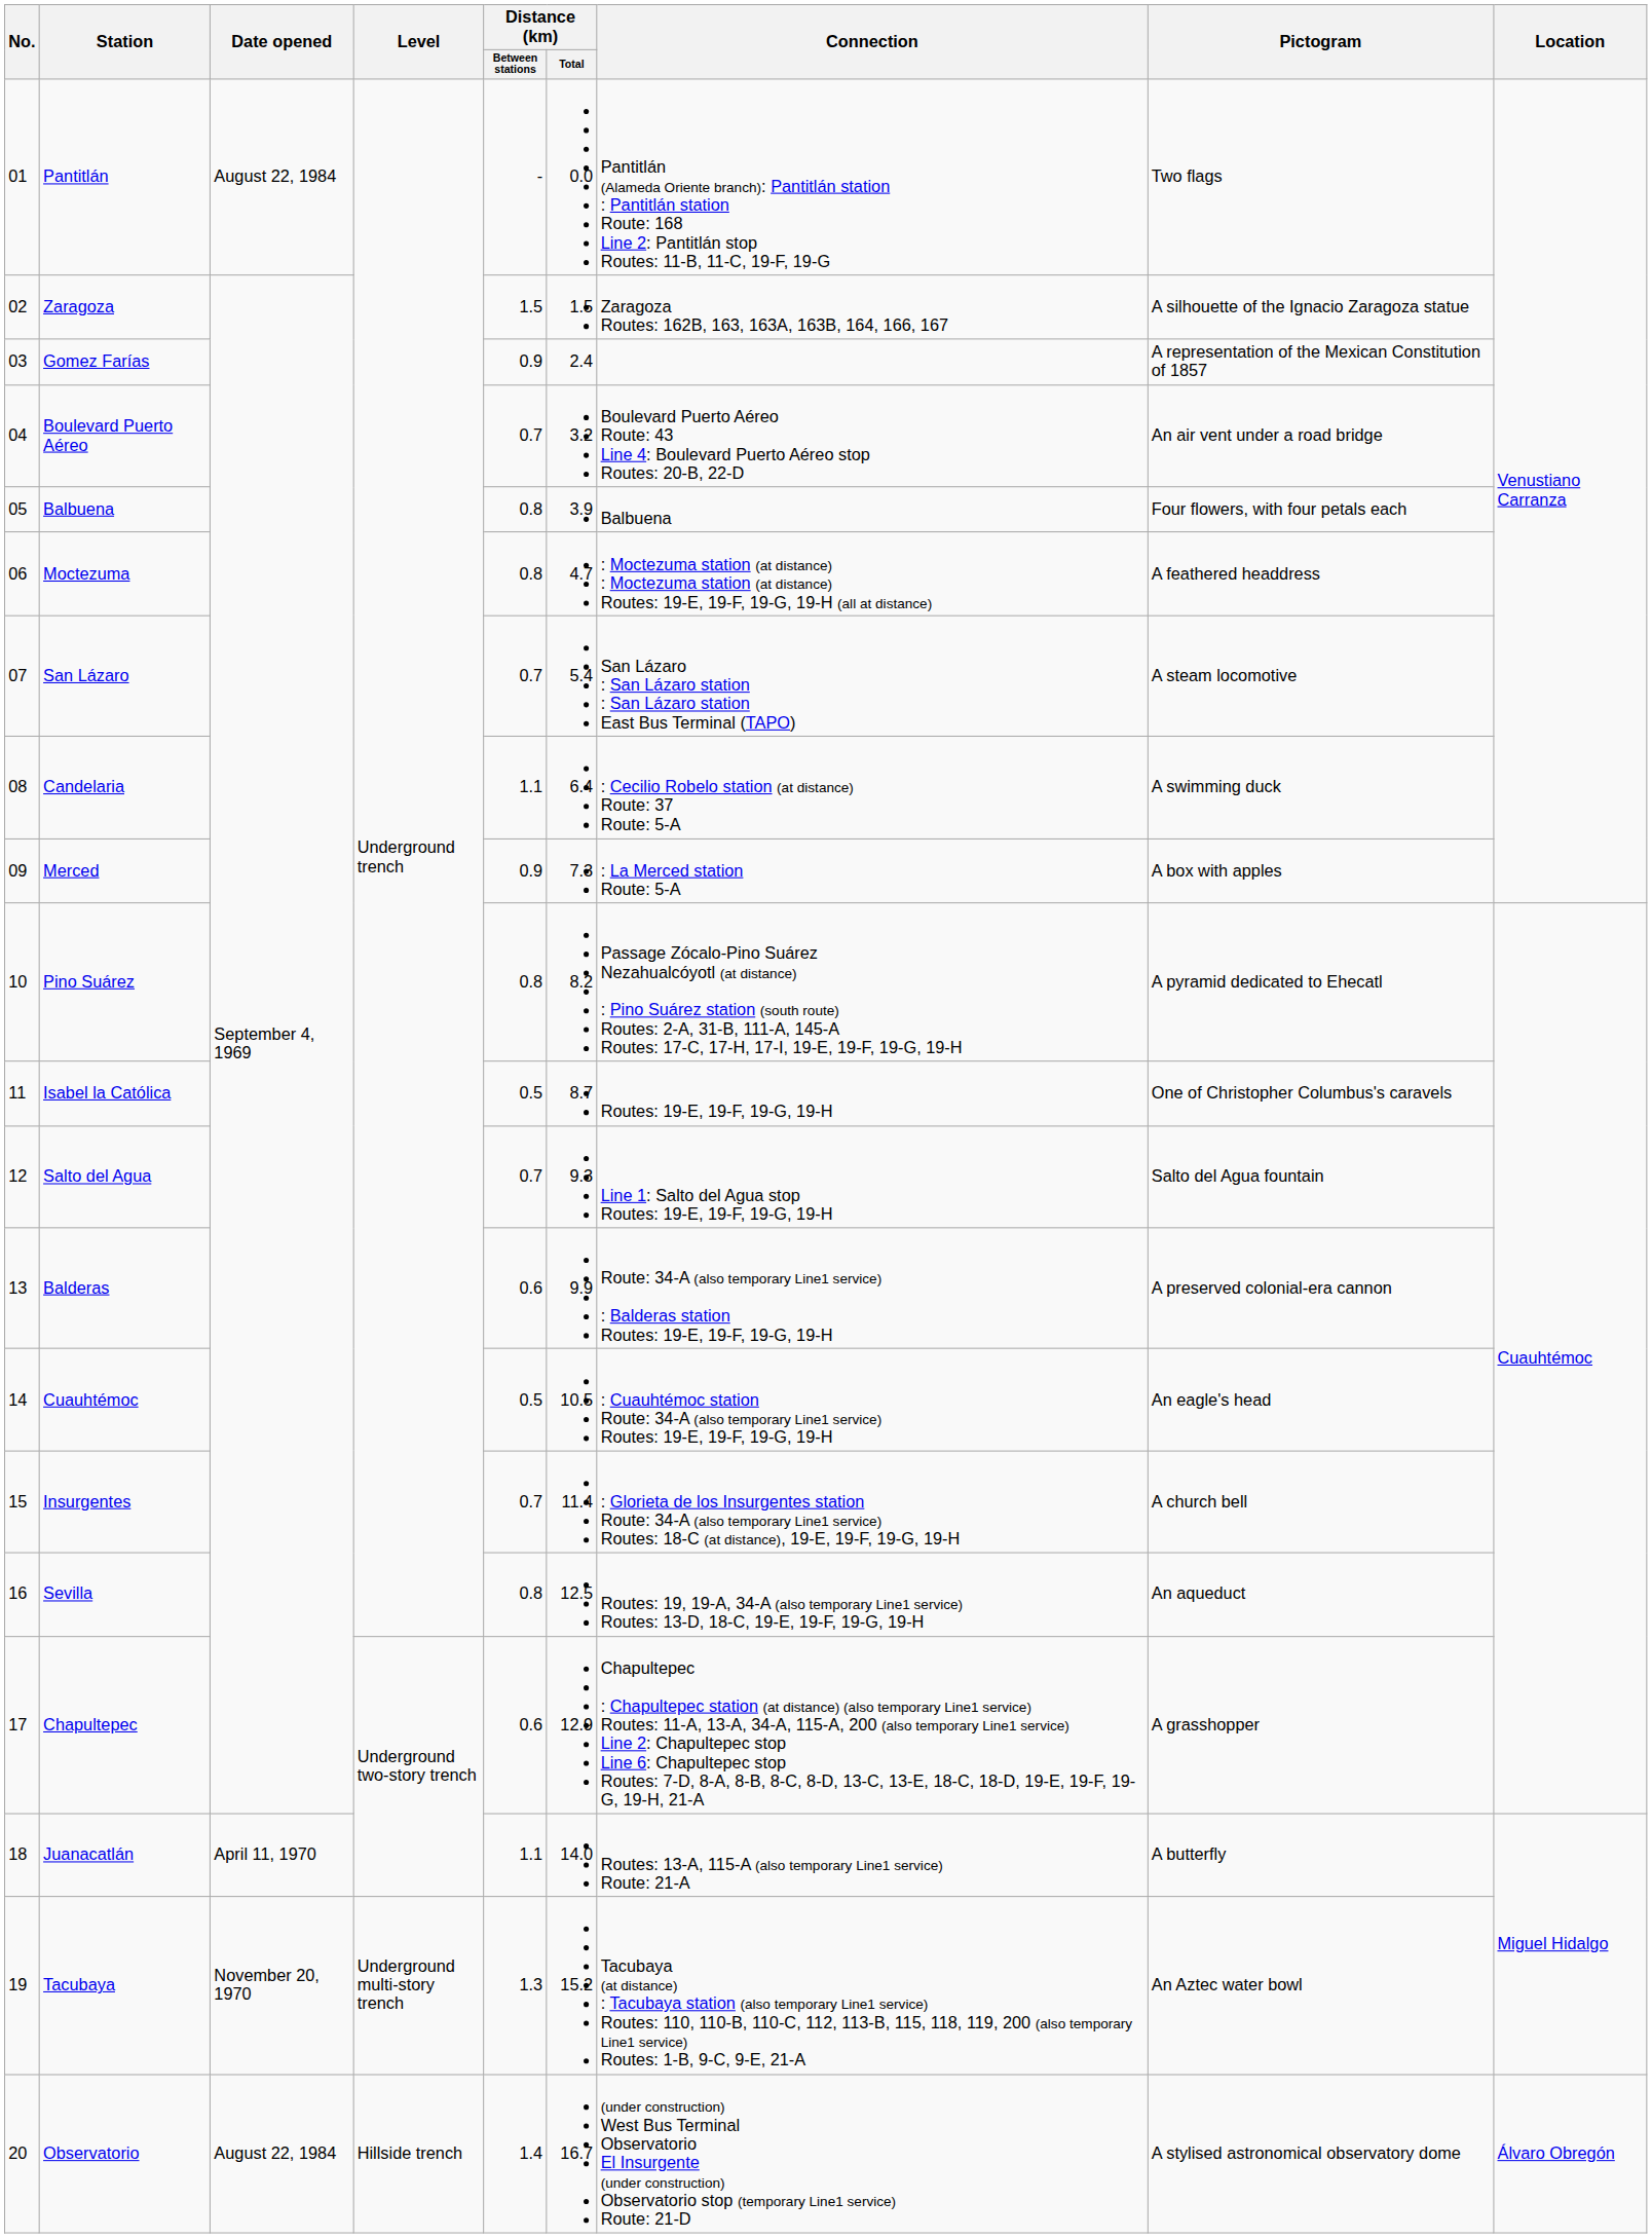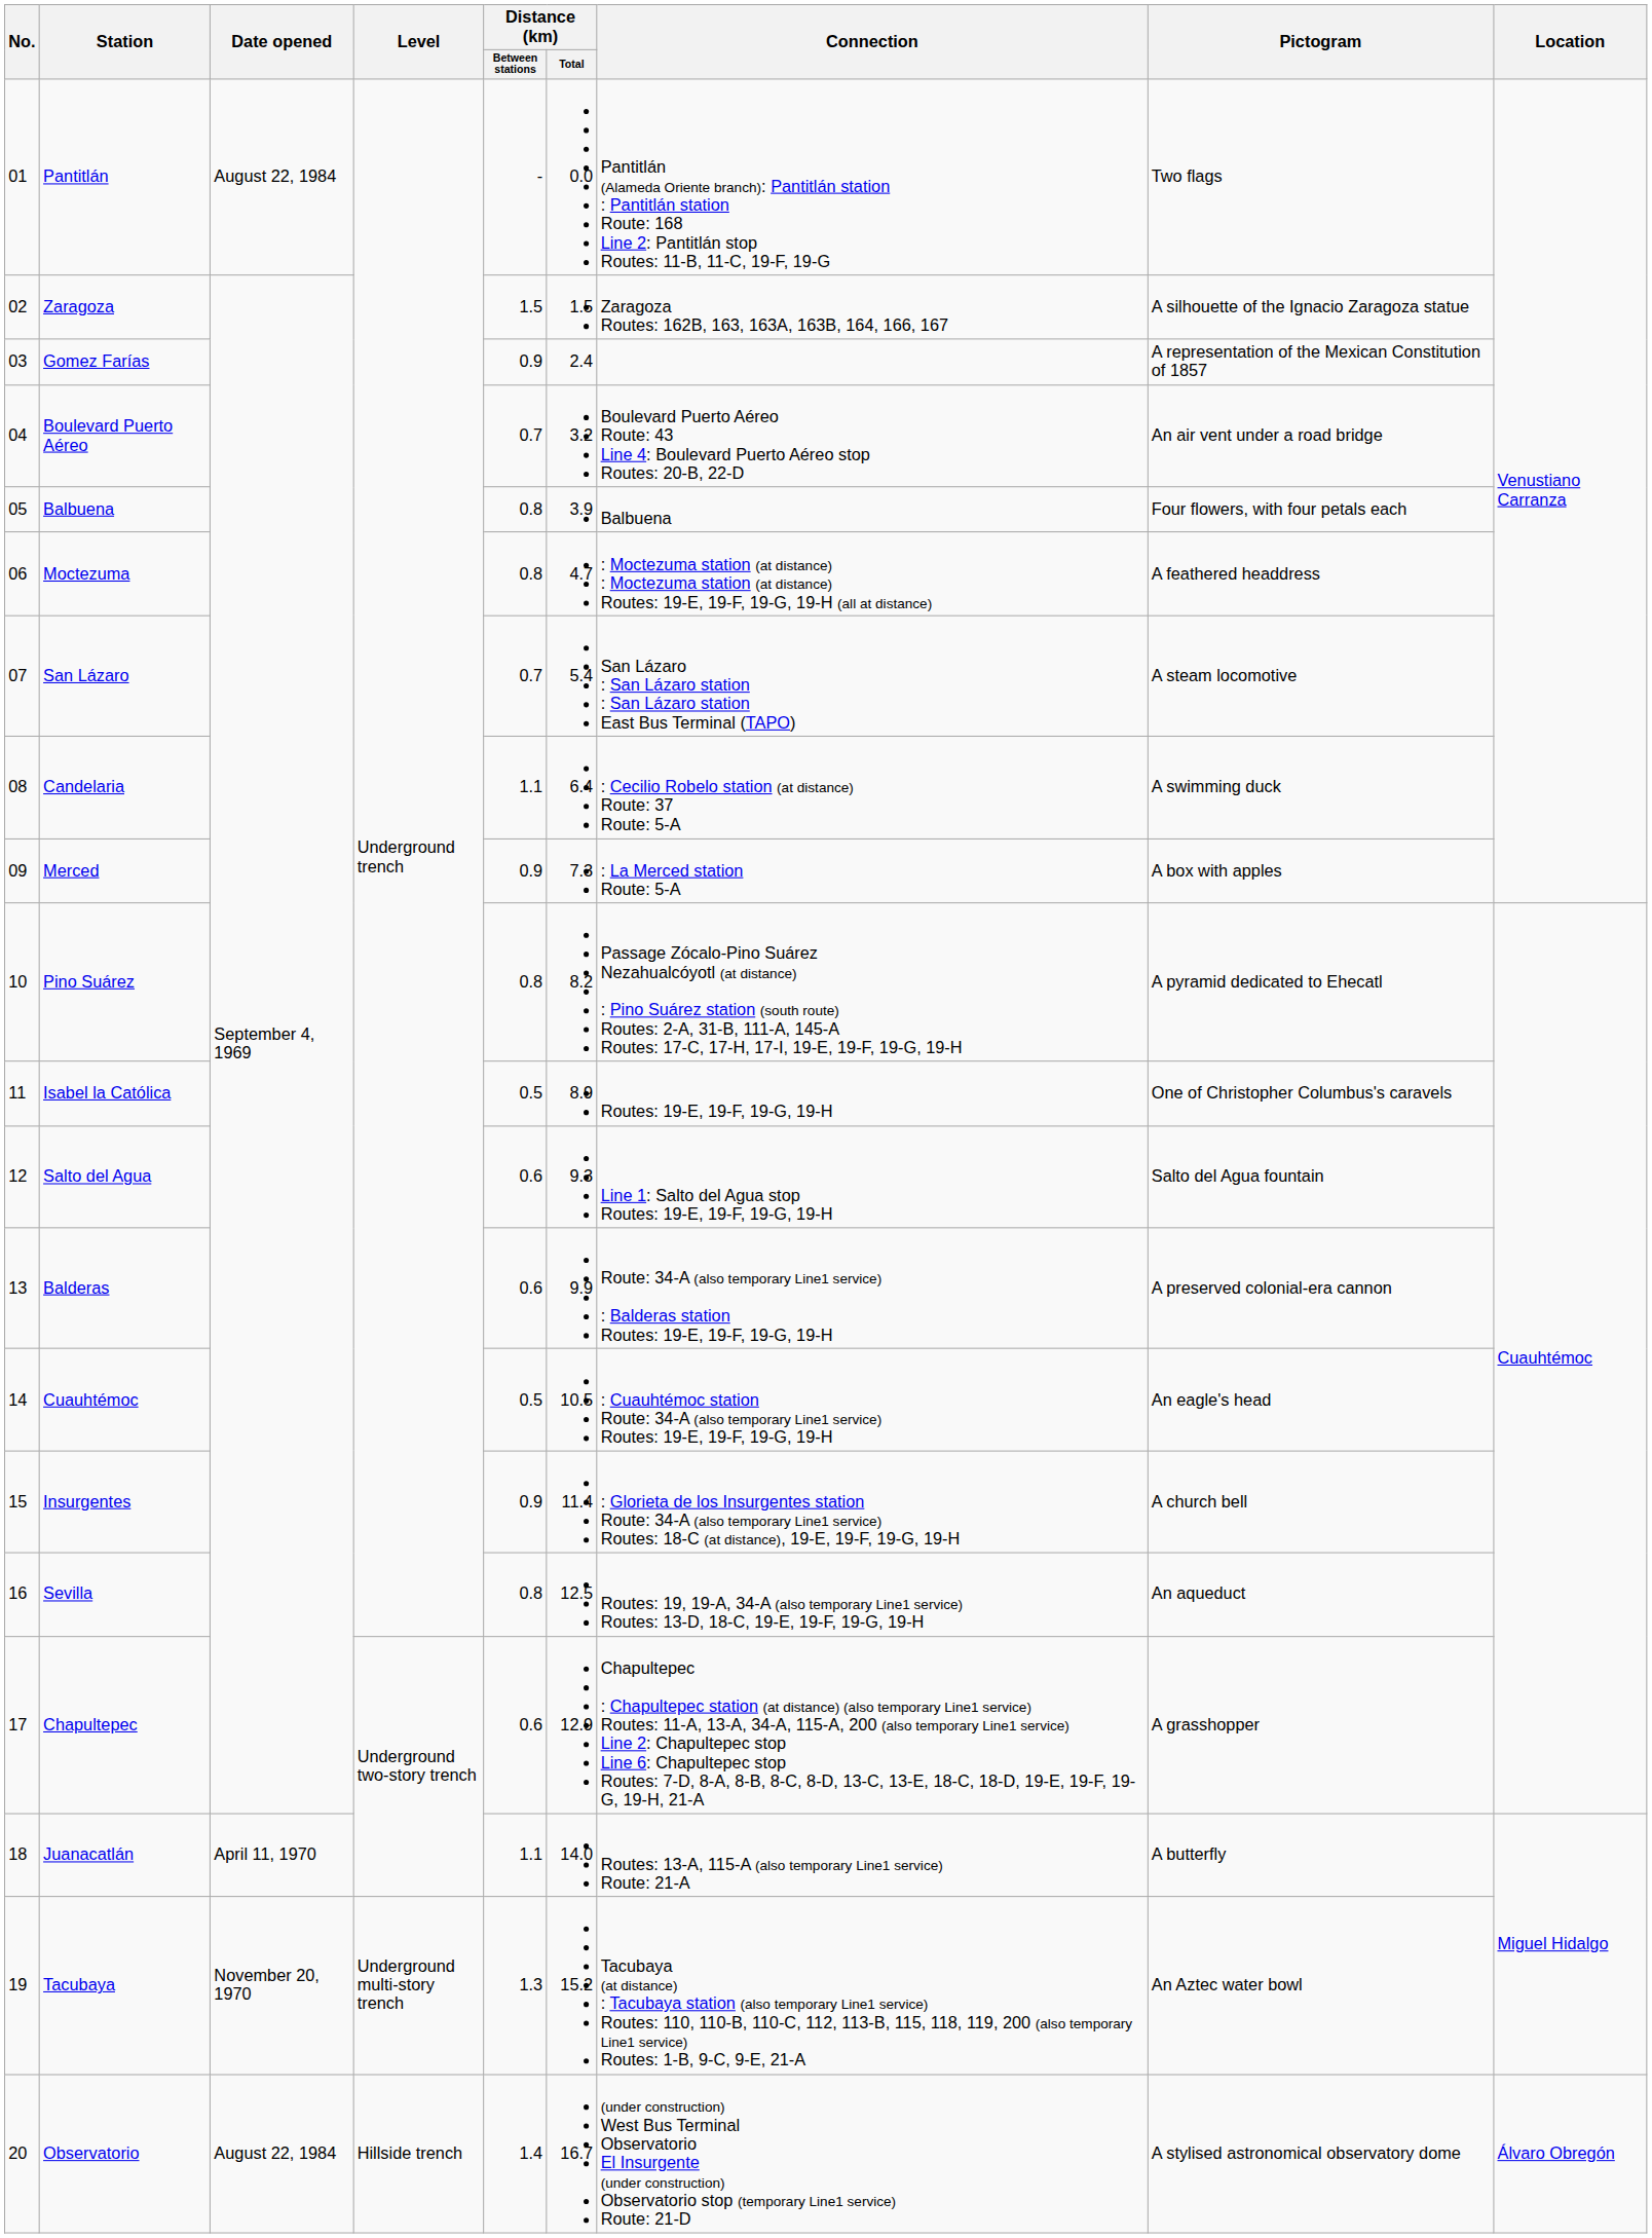 <table class="wikitable" rules="all">
 <tr>
 <th rowspan="2">No.</th>
 <th rowspan="2">Station</th>
 <th rowspan="2">Date opened</th>
 <th rowspan="2">Level</th>
 <th colspan="2">Distance (km)</th>
 <th rowspan="2">Connection</th>
 <th rowspan="2">Pictogram</th>
 <th rowspan="2">Location</th>
 </tr>
 <tr>
 <th style="font-size: 65%;">Between<br>stations</th>
 <th style="font-size: 65%;">Total</th>
 </tr>
 <tr>
 <td style="background: #">01</td>
 <td><a href='#'>Pantitlán</a> </td>
 <td>August 22, 1984</td>
 <td rowspan="16">Underground<br>trench</td>
 <td style="text-align:right;">-</td>
 <td style="text-align:right;">0.0</td>
 <td><br><li> </li> <li> </li> <li> </li> <li> Pantitlán</li> <li>  <small>(Alameda Oriente branch)</small>: <a href='#'>Pantitlán station</a></li> <li> : <a href='#'>Pantitlán station</a> </li> <li> Route: 168</li> <li>  <a href='#'>Line 2</a>: Pantitlán stop</li> <li> Routes: 11-B, 11-C, 19-F, 19-G</td>
 <td>Two flags</td>
 <td rowspan="9"><a href='#'>Venustiano Carranza</a></td>
 </tr>
 <tr>
 <td style="background: #">02</td>
 <td><a href='#'>Zaragoza</a> </td>
 <td rowspan="16">September 4, 1969</td>
 <td style="text-align:right;">1.5</td>
 <td style="text-align:right;">1.5</td>
 <td><br><li> Zaragoza</li> <li> Routes: 162B, 163, 163A, 163B, 164, 166, 167</td>
 <td>A silhouette of the Ignacio Zaragoza statue</td>
 </tr>
 <tr>
 <td style="background: #">03</td>
 <td><a href='#'>Gomez Farías</a> </td>
 <td style="text-align:right;">0.9</td>
 <td style="text-align:right;">2.4</td>
 <td></td>
 <td>A representation of the Mexican Constitution of 1857</td>
 </tr>
 <tr>
 <td style="background: #">04</td>
 <td><a href='#'>Boulevard Puerto Aéreo</a> </td>
 <td style="text-align:right;">0.7</td>
 <td style="text-align:right;">3.2</td>
 <td><br><li> Boulevard Puerto Aéreo</li> <li> Route: 43</li> <li>  <a href='#'>Line 4</a>: Boulevard Puerto Aéreo stop</li> <li> Routes: 20-B, 22-D</td>
 <td>An air vent under a road bridge</td>
 </tr>
 <tr>
 <td style="background: #">05</td>
 <td><a href='#'>Balbuena</a> </td>
 <td style="text-align:right;">0.8</td>
 <td style="text-align:right;">3.9</td>
 <td><br><li> Balbuena</li></td>
 <td>Four flowers, with four petals each</td>
 </tr>
 <tr>
 <td style="background: #">06</td>
 <td><a href='#'>Moctezuma</a> </td>
 <td style="text-align:right;">0.8</td>
 <td style="text-align:right;">4.7</td>
 <td><br><li> : <a href='#'>Moctezuma station</a> <small>(at distance)</small></li> <li> : <a href='#'>Moctezuma station</a> <small>(at distance)</small></li> <li> Routes: 19-E, 19-F, 19-G, 19-H <small>(all at distance)</small></td>
 <td>A feathered headdress</td>
 </tr>
 <tr>
 <td style="background: #">07</td>
 <td><a href='#'>San Lázaro</a> </td>
 <td style="text-align:right;">0.7</td>
 <td style="text-align:right;">5.4</td>
 <td><br><li> </li> <li> San Lázaro</li> <li> : <a href='#'>San Lázaro station</a></li> <li>: <a href='#'>San Lázaro station</a></li> <li> East Bus Terminal (<a href='#'>TAPO</a>)</td>
 <td>A steam locomotive</td>
 </tr>
 <tr>
 <td style="background: #">08</td>
 <td><a href='#'>Candelaria</a></td>
 <td style="text-align:right;">1.1</td>
 <td style="text-align:right;">6.4</td>
 <td><br><li> </li> <li> : <a href='#'>Cecilio Robelo station</a> <small>(at distance)</small></li> <li> Route: 37</li> <li> Route: 5-A</td>
 <td>A swimming duck</td>
 </tr>
 <tr>
 <td style="background: #">09</td>
 <td><a href='#'>Merced</a> </td>
 <td style="text-align:right;">0.9</td>
 <td style="text-align:right;">7.3</td>
 <td><br><li> : <a href='#'>La Merced station</a></li> <li> Route: 5-A</td>
 <td>A box with apples</td>
 </tr>
 <tr>
 <td style="background: #">10</td>
 <td><a href='#'>Pino Suárez</a> </td>
 <td style="text-align:right;">0.8</td>
 <td style="text-align:right;">8.2</td>
 <td><br><li> </li> <li> Passage Zócalo-Pino Suárez</li> <li> Nezahualcóyotl <small>(at distance)</small></li> <li></li> <li> : <a href='#'>Pino Suárez station</a> <small>(south route)</small></li> <li> Routes: 2-A, 31-B, 111-A, 145-A</li> <li> Routes: 17-C, 17-H, 17-I, 19-E, 19-F, 19-G, 19-H</td>
 <td>A pyramid dedicated to Ehecatl</td>
 <td rowspan="8"><a href='#'>Cuauhtémoc</a></td>
 </tr>
 <tr>
 <td style="background: #">11</td>
 <td><a href='#'>Isabel la Católica</a> </td>
 <td style="text-align:right;">0.5</td>
-<td style="text-align:right;">8.7</td>
+<td style="text-align:right;">8.9</td>
 <td><br><li></li> <li> Routes: 19-E, 19-F, 19-G, 19-H</td>
 <td>One of Christopher Columbus's caravels</td>
 </tr>
 <tr>
 <td style="background: #">12</td>
 <td><a href='#'>Salto del Agua</a> </td>
-<td style="text-align:right;">0.7</td>
+<td style="text-align:right;">0.6</td>
 <td style="text-align:right;">9.3</td>
 <td><br><li> </li> <li></li> <li>  <a href='#'>Line 1</a>: Salto del Agua stop</li> <li> Routes: 19-E, 19-F, 19-G, 19-H</td>
 <td>Salto del Agua fountain</td>
 </tr>
 <tr>
 <td style="background: #">13</td>
 <td><a href='#'>Balderas</a> </td>
 <td style="text-align:right;">0.6</td>
 <td style="text-align:right;">9.9</td>
 <td><br><li></li> <li> Route: 34-A <small>(also temporary Line1 service)</small> <li> </li> <li> : <a href='#'>Balderas station</a></li> <li> Routes: 19-E, 19-F, 19-G, 19-H</td>
 <td>A preserved colonial-era cannon</td>
 </tr>
 <tr>
 <td style="background: #">14</td>
 <td><a href='#'>Cuauhtémoc</a> </td>
 <td style="text-align:right;">0.5</td>
 <td style="text-align:right;">10.5</td>
 <td><br><li></li> <li> : <a href='#'>Cuauhtémoc station</a></li> <li> Route: 34-A <small>(also temporary Line1 service)</small></li> <li> Routes: 19-E, 19-F, 19-G, 19-H</td>
 <td>An eagle's head</td>
 </tr>
 <tr>
 <td style="background: #">15</td>
 <td><a href='#'>Insurgentes</a> </td>
-<td style="text-align:right;">0.7</td>
+<td style="text-align:right;">0.9</td>
 <td style="text-align:right;">11.4</td>
 <td><br><li></li> <li> : <a href='#'>Glorieta de los Insurgentes station</a></li> <li> Route: 34-A <small>(also temporary Line1 service)</small></li> <li> Routes: 18-C <small>(at distance)</small>, 19-E, 19-F, 19-G, 19-H</td>
 <td>A church bell</td>
 </tr>
 <tr>
 <td style="background: #">16</td>
 <td><a href='#'>Sevilla</a> </td>
 <td style="text-align:right;">0.8</td>
 <td style="text-align:right;">12.5</td>
 <td><br><li></li> <li> Routes: 19, 19-A, 34-A <small>(also temporary Line1 service)</small></li> <li> Routes: 13-D, 18-C, 19-E, 19-F, 19-G, 19-H</td>
 <td>An aqueduct</td>
 </tr>
 <tr>
 <td style="background: #">17</td>
 <td><a href='#'>Chapultepec</a></td>
 <td rowspan="2">Underground<br>two-story trench</td>
 <td style="text-align:right;">0.6</td>
 <td style="text-align:right;">12.9</td>
 <td><br><li> Chapultepec</li> <li></li> <li> : <a href='#'>Chapultepec station</a> <small>(at distance) (also temporary Line1 service)</small></li> <li> Routes: 11-A, 13-A, 34-A, 115-A, 200 <small>(also temporary Line1 service)</small></li> <li>  <a href='#'>Line 2</a>: Chapultepec stop</li> <li>  <a href='#'>Line 6</a>: Chapultepec stop<li> Routes: 7-D, 8-A, 8-B, 8-C, 8-D, 13-C, 13-E, 18-C, 18-D, 19-E, 19-F, 19-G, 19-H, 21-A</td>
 <td>A grasshopper</td>
 </tr>
 <tr>
 <td style="background: #">18</td>
 <td><a href='#'>Juanacatlán</a> </td>
 <td>April 11, 1970</td>
 <td style="text-align:right;">1.1</td>
 <td style="text-align:right;">14.0</td>
 <td><br><li></li> <li> Routes: 13-A, 115-A <small>(also temporary Line1 service)</small></li> <li> Route: 21-A</td>
 <td>A butterfly</td>
 <td rowspan="2"><a href='#'>Miguel Hidalgo</a></td>
 </tr>
 <tr>
 <td style="background: #">19</td>
 <td><a href='#'>Tacubaya</a> </td>
 <td>November 20, 1970</td>
 <td>Underground<br>multi-story trench</td>
 <td style="text-align:right;">1.3</td>
 <td style="text-align:right;">15.2</td>
 <td><br><li> </li> <li> </li> <li> Tacubaya</li> <li> <small>(at distance)</small></li> <li> : <a href='#'>Tacubaya station</a> <small>(also temporary Line1 service)</small></li> <li> Routes: 110, 110-B, 110-C, 112, 113-B, 115, 118, 119, 200 <small>(also temporary Line1 service)</small></li> <li> Routes: 1-B, 9-C, 9-E, 21-A</td>
 <td>An Aztec water bowl</td>
 </tr>
 <tr>
 <td style="background: #">20</td>
 <td><a href='#'>Observatorio</a> </td>
 <td>August 22, 1984</td>
 <td>Hillside trench</td>
 <td style="text-align:right;">1.4</td>
 <td style="text-align:right;">16.7</td>
 <td><br><li>  <small>(under construction)</small></li> <li> West Bus Terminal</li> <li> Observatorio</li> <li>  <a href='#'>El Insurgente</a><br><small>(under construction)</small></li> <li> Observatorio stop <small>(temporary Line1 service)</small></li> <li> Route: 21-D</td>
 <td>A stylised astronomical observatory dome</td>
 <td><a href='#'>Álvaro Obregón</a></td>
 </tr>
 </table>
